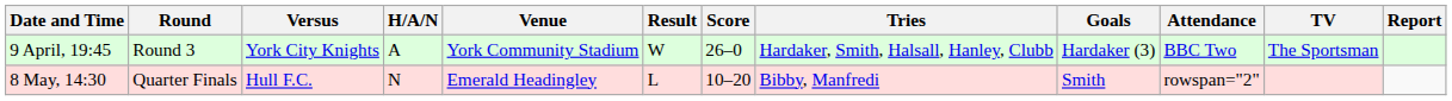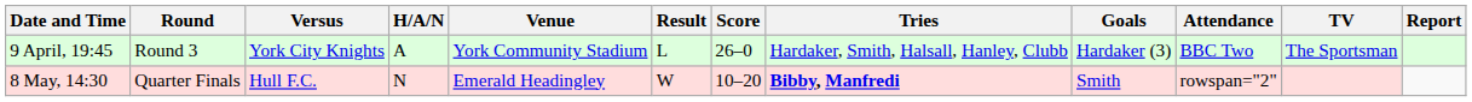 <table class="wikitable" style="font-size:85%;">
 <tr>
 <th>Date and Time</th>
 <th>Round</th>
 <th>Versus</th>
 <th>H/A/N</th>
 <th>Venue</th>
 <th>Result</th>
 <th>Score</th>
 <th>Tries</th>
 <th>Goals</th>
 <th>Attendance</th>
 <th>TV</th>
 <th>Report</th>
 </tr>
 <tr style="background:#ddffdd;">
 <td>9 April, 19:45</td>
 <td>Round 3</td>
 <td> <a href='#'>York City Knights</a></td>
 <td>A</td>
 <td><a href='#'>York Community Stadium</a></td>
-<td>W</td>
+<td>L</td>
 <td>26–0</td>
 <td><a href='#'>Hardaker</a>, <a href='#'>Smith</a>, <a href='#'>Halsall</a>, <a href='#'>Hanley</a>, <a href='#'>Clubb</a></td>
 <td><a href='#'>Hardaker</a> (3)</td>
 <td><a href='#'>BBC Two</a></td>
 <td><a href='#'>The Sportsman</a></td>
 <td></td>
 </tr>
 <tr style="background:#ffdddd;">
 <td>8 May, 14:30</td>
 <td>Quarter Finals</td>
 <td> <a href='#'>Hull F.C.</a></td>
 <td>N</td>
 <td><a href='#'>Emerald Headingley</a></td>
-<td>L</td>
+<td>W</td>
 <td>10–20</td>
-<td><a href='#'>Bibby</a>, <a href='#'>Manfredi</a></td>
+<td><strong><a href='#'>Bibby</a>, <a href='#'>Manfredi</a></strong></td>
 <td><a href='#'>Smith</a></td>
 <td>rowspan="2"</td>
 <td></td>
 </tr>
 </table>
